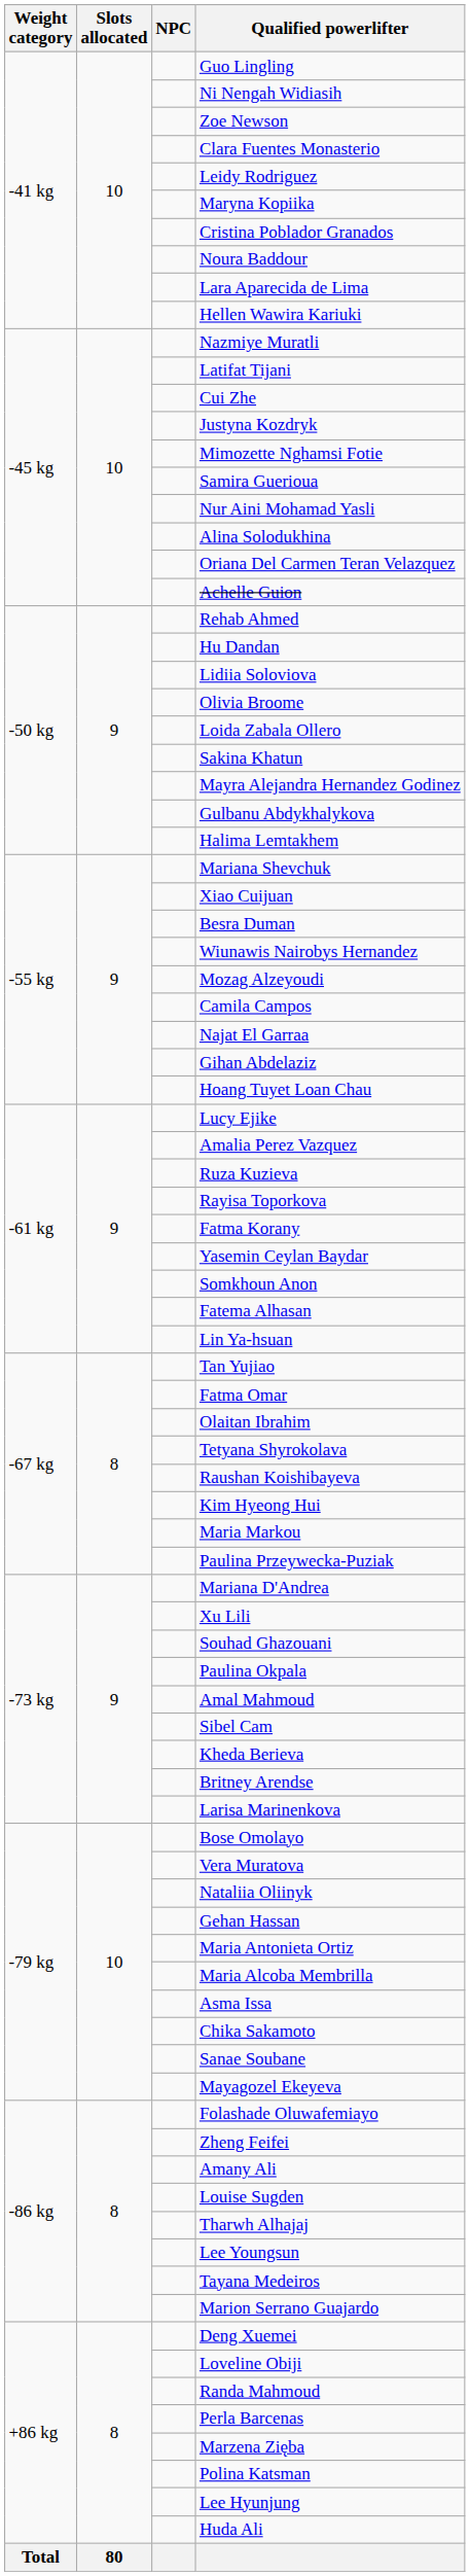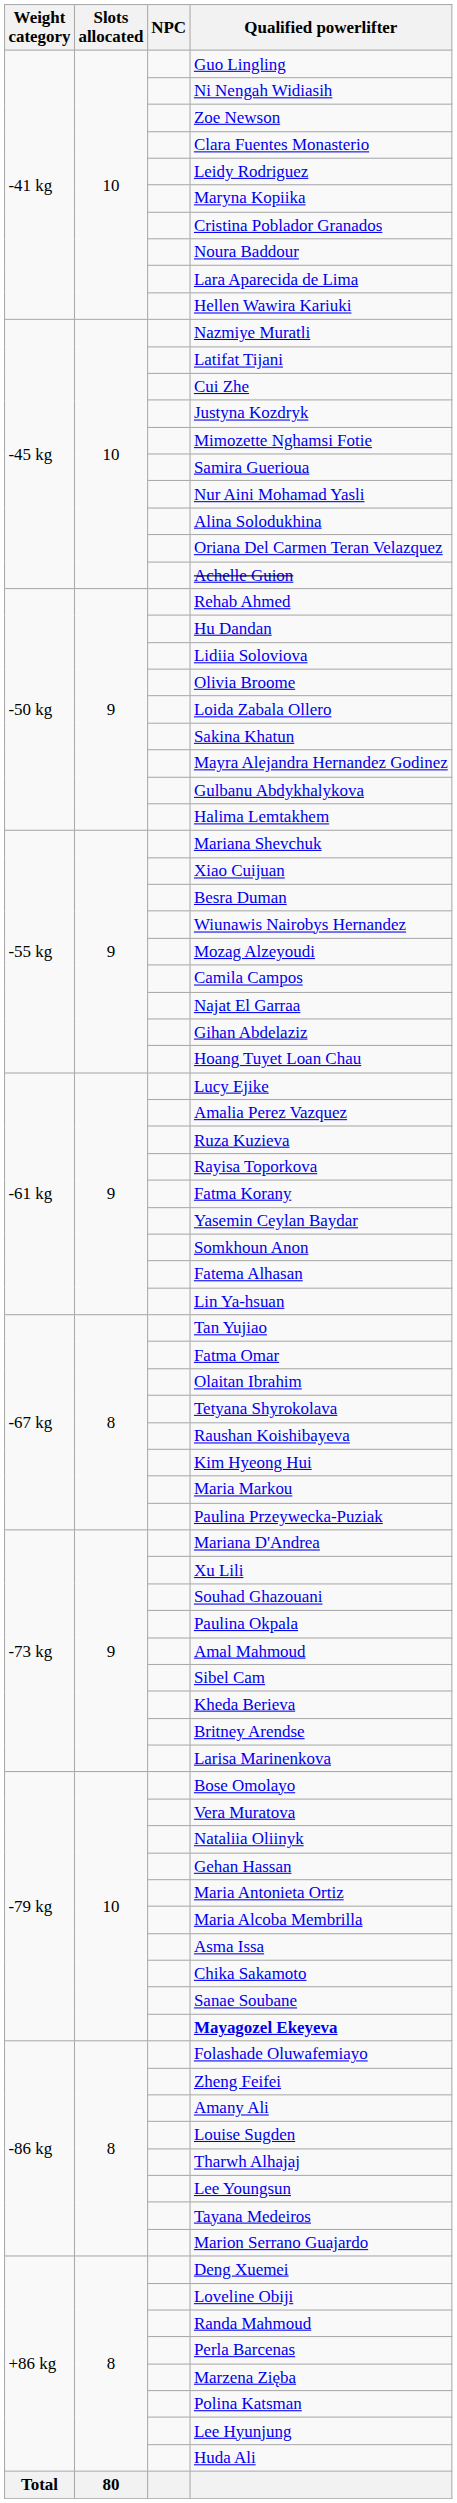 <table class="wikitable">
 <tr>
 <th>Weight<br> category</th>
 <th>Slots<br> allocated</th>
 <th>NPC</th>
 <th>Qualified powerlifter</th>
 </tr>
 <tr>
 <td rowspan=10>-41 kg</td>
 <td rowspan=10 align="center">10</td>
 <td></td>
 <td><a href='#'>Guo Lingling</a></td>
 </tr>
 <tr>
 <td></td>
 <td><a href='#'>Ni Nengah Widiasih</a></td>
 </tr>
 <tr>
 <td></td>
 <td><a href='#'>Zoe Newson</a></td>
 </tr>
 <tr>
 <td></td>
 <td><a href='#'>Clara Fuentes Monasterio</a></td>
 </tr>
 <tr>
 <td></td>
 <td><a href='#'>Leidy Rodriguez</a></td>
 </tr>
 <tr>
 <td></td>
 <td><a href='#'>Maryna Kopiika</a></td>
 </tr>
 <tr>
 <td></td>
 <td><a href='#'>Cristina Poblador Granados</a></td>
 </tr>
 <tr>
 <td></td>
 <td><a href='#'>Noura Baddour</a></td>
 </tr>
 <tr>
 <td></td>
 <td><a href='#'>Lara Aparecida de Lima</a></td>
 </tr>
 <tr>
 <td></td>
 <td><a href='#'>Hellen Wawira Kariuki</a></td>
 </tr>
 <tr>
 <td rowspan=10>-45 kg</td>
 <td rowspan=10 align="center">10</td>
 <td></td>
 <td><a href='#'>Nazmiye Muratli</a></td>
 </tr>
 <tr>
 <td></td>
 <td><a href='#'>Latifat Tijani</a></td>
 </tr>
 <tr>
 <td></td>
 <td><a href='#'>Cui Zhe</a></td>
 </tr>
 <tr>
 <td></td>
 <td><a href='#'>Justyna Kozdryk</a></td>
 </tr>
 <tr>
 <td></td>
 <td><a href='#'>Mimozette Nghamsi Fotie</a></td>
 </tr>
 <tr>
 <td></td>
 <td><a href='#'>Samira Guerioua</a></td>
 </tr>
 <tr>
 <td></td>
 <td><a href='#'>Nur Aini Mohamad Yasli</a></td>
 </tr>
 <tr>
 <td></td>
 <td><a href='#'>Alina Solodukhina</a></td>
 </tr>
 <tr>
 <td></td>
 <td><a href='#'>Oriana Del Carmen Teran Velazquez</a></td>
 </tr>
 <tr>
 <td><s></s></td>
 <td><s><a href='#'>Achelle Guion</a></s></td>
 </tr>
 <tr>
 <td rowspan=9>-50 kg</td>
 <td rowspan=9 align="center">9</td>
 <td></td>
 <td><a href='#'>Rehab Ahmed</a></td>
 </tr>
 <tr>
 <td></td>
 <td><a href='#'>Hu Dandan</a></td>
 </tr>
 <tr>
 <td></td>
 <td><a href='#'>Lidiia Soloviova</a></td>
 </tr>
 <tr>
 <td></td>
 <td><a href='#'>Olivia Broome</a></td>
 </tr>
 <tr>
 <td></td>
 <td><a href='#'>Loida Zabala Ollero</a></td>
 </tr>
 <tr>
 <td></td>
 <td><a href='#'>Sakina Khatun</a></td>
 </tr>
 <tr>
 <td></td>
 <td><a href='#'>Mayra Alejandra Hernandez Godinez</a></td>
 </tr>
 <tr>
 <td></td>
 <td><a href='#'>Gulbanu Abdykhalykova</a></td>
 </tr>
 <tr>
 <td></td>
 <td><a href='#'>Halima Lemtakhem</a></td>
 </tr>
 <tr>
 <td rowspan=9>-55 kg</td>
 <td rowspan=9 align="center">9</td>
 <td></td>
 <td><a href='#'>Mariana Shevchuk</a></td>
 </tr>
 <tr>
 <td></td>
 <td><a href='#'>Xiao Cuijuan</a></td>
 </tr>
 <tr>
 <td></td>
 <td><a href='#'>Besra Duman</a></td>
 </tr>
 <tr>
 <td></td>
 <td><a href='#'>Wiunawis Nairobys Hernandez</a></td>
 </tr>
 <tr>
 <td></td>
 <td><a href='#'>Mozag Alzeyoudi</a></td>
 </tr>
 <tr>
 <td></td>
 <td><a href='#'>Camila Campos</a></td>
 </tr>
 <tr>
 <td></td>
 <td><a href='#'>Najat El Garraa</a></td>
 </tr>
 <tr>
 <td></td>
 <td><a href='#'>Gihan Abdelaziz</a></td>
 </tr>
 <tr>
 <td></td>
 <td><a href='#'>Hoang Tuyet Loan Chau</a></td>
 </tr>
 <tr>
 <td rowspan=9>-61 kg</td>
 <td rowspan=9 align="center">9</td>
 <td></td>
 <td><a href='#'>Lucy Ejike</a></td>
 </tr>
 <tr>
 <td></td>
 <td><a href='#'>Amalia Perez Vazquez</a></td>
 </tr>
 <tr>
 <td></td>
 <td><a href='#'>Ruza Kuzieva</a></td>
 </tr>
 <tr>
 <td></td>
 <td><a href='#'>Rayisa Toporkova</a></td>
 </tr>
 <tr>
 <td></td>
 <td><a href='#'>Fatma Korany</a></td>
 </tr>
 <tr>
 <td></td>
 <td><a href='#'>Yasemin Ceylan Baydar</a></td>
 </tr>
 <tr>
 <td></td>
 <td><a href='#'>Somkhoun Anon</a></td>
 </tr>
 <tr>
 <td></td>
 <td><a href='#'>Fatema Alhasan</a></td>
 </tr>
 <tr>
 <td></td>
 <td><a href='#'>Lin Ya-hsuan</a></td>
 </tr>
 <tr>
 <td rowspan=8>-67 kg</td>
 <td rowspan=8 align="center">8</td>
 <td></td>
 <td><a href='#'>Tan Yujiao</a></td>
 </tr>
 <tr>
 <td></td>
 <td><a href='#'>Fatma Omar</a></td>
 </tr>
 <tr>
 <td></td>
 <td><a href='#'>Olaitan Ibrahim</a></td>
 </tr>
 <tr>
 <td></td>
 <td><a href='#'>Tetyana Shyrokolava</a></td>
 </tr>
 <tr>
 <td></td>
 <td><a href='#'>Raushan Koishibayeva</a></td>
 </tr>
 <tr>
 <td></td>
 <td><a href='#'>Kim Hyeong Hui</a></td>
 </tr>
 <tr>
 <td></td>
 <td><a href='#'>Maria Markou</a></td>
 </tr>
 <tr>
 <td></td>
 <td><a href='#'>Paulina Przeywecka-Puziak</a></td>
 </tr>
 <tr>
 <td rowspan=9>-73 kg</td>
 <td rowspan=9 align="center">9</td>
 <td></td>
 <td><a href='#'>Mariana D'Andrea</a></td>
 </tr>
 <tr>
 <td></td>
 <td><a href='#'>Xu Lili</a></td>
 </tr>
 <tr>
 <td></td>
 <td><a href='#'>Souhad Ghazouani</a></td>
 </tr>
 <tr>
 <td></td>
 <td><a href='#'>Paulina Okpala</a></td>
 </tr>
 <tr>
 <td></td>
 <td><a href='#'>Amal Mahmoud</a></td>
 </tr>
 <tr>
 <td></td>
 <td><a href='#'>Sibel Cam</a></td>
 </tr>
 <tr>
 <td></td>
 <td><a href='#'>Kheda Berieva</a></td>
 </tr>
 <tr>
 <td></td>
 <td><a href='#'>Britney Arendse</a></td>
 </tr>
 <tr>
 <td></td>
 <td><a href='#'>Larisa Marinenkova</a></td>
 </tr>
 <tr>
 <td rowspan=10>-79 kg</td>
 <td rowspan=10 align="center">10</td>
 <td></td>
 <td><a href='#'>Bose Omolayo</a></td>
 </tr>
 <tr>
 <td></td>
 <td><a href='#'>Vera Muratova</a></td>
 </tr>
 <tr>
 <td></td>
 <td><a href='#'>Nataliia Oliinyk</a></td>
 </tr>
 <tr>
 <td></td>
 <td><a href='#'>Gehan Hassan</a></td>
 </tr>
 <tr>
 <td></td>
 <td><a href='#'>Maria Antonieta Ortiz</a></td>
 </tr>
 <tr>
 <td></td>
 <td><a href='#'>Maria Alcoba Membrilla</a></td>
 </tr>
 <tr>
 <td></td>
 <td><a href='#'>Asma Issa</a></td>
 </tr>
 <tr>
 <td></td>
 <td><a href='#'>Chika Sakamoto</a></td>
 </tr>
 <tr>
 <td></td>
 <td><a href='#'>Sanae Soubane</a></td>
 </tr>
 <tr>
 <td></td>
-<td><a href='#'>Mayagozel Ekeyeva</a></td>
+<td><strong><a href='#'>Mayagozel Ekeyeva</a></strong></td>
 </tr>
 <tr>
 <td rowspan=8>-86 kg</td>
 <td rowspan=8 align="center">8</td>
 <td></td>
 <td><a href='#'>Folashade Oluwafemiayo</a></td>
 </tr>
 <tr>
 <td></td>
 <td><a href='#'>Zheng Feifei</a></td>
 </tr>
 <tr>
 <td></td>
 <td><a href='#'>Amany Ali</a></td>
 </tr>
 <tr>
 <td></td>
 <td><a href='#'>Louise Sugden</a></td>
 </tr>
 <tr>
 <td></td>
 <td><a href='#'>Tharwh Alhajaj</a></td>
 </tr>
 <tr>
 <td></td>
 <td><a href='#'>Lee Youngsun</a></td>
 </tr>
 <tr>
 <td></td>
 <td><a href='#'>Tayana Medeiros</a></td>
 </tr>
 <tr>
 <td></td>
 <td><a href='#'>Marion Serrano Guajardo</a></td>
 </tr>
 <tr>
 <td rowspan=8>+86 kg</td>
 <td rowspan=8 align="center">8</td>
 <td></td>
 <td><a href='#'>Deng Xuemei</a></td>
 </tr>
 <tr>
 <td></td>
 <td><a href='#'>Loveline Obiji</a></td>
 </tr>
 <tr>
 <td></td>
 <td><a href='#'>Randa Mahmoud</a></td>
 </tr>
 <tr>
 <td></td>
 <td><a href='#'>Perla Barcenas</a></td>
 </tr>
 <tr>
 <td></td>
 <td><a href='#'>Marzena Zięba</a></td>
 </tr>
 <tr>
 <td></td>
 <td><a href='#'>Polina Katsman</a></td>
 </tr>
 <tr>
 <td></td>
 <td><a href='#'>Lee Hyunjung</a></td>
 </tr>
 <tr>
 <td></td>
 <td><a href='#'>Huda Ali</a></td>
 </tr>
 <tr>
 <th>Total</th>
 <th align="center">80</th>
 <th></th>
 <th></th>
 </tr>
 </table>
